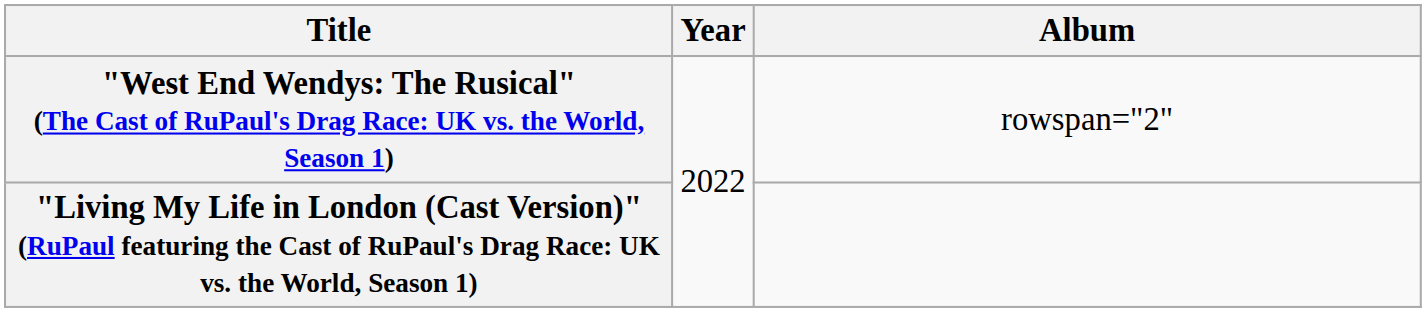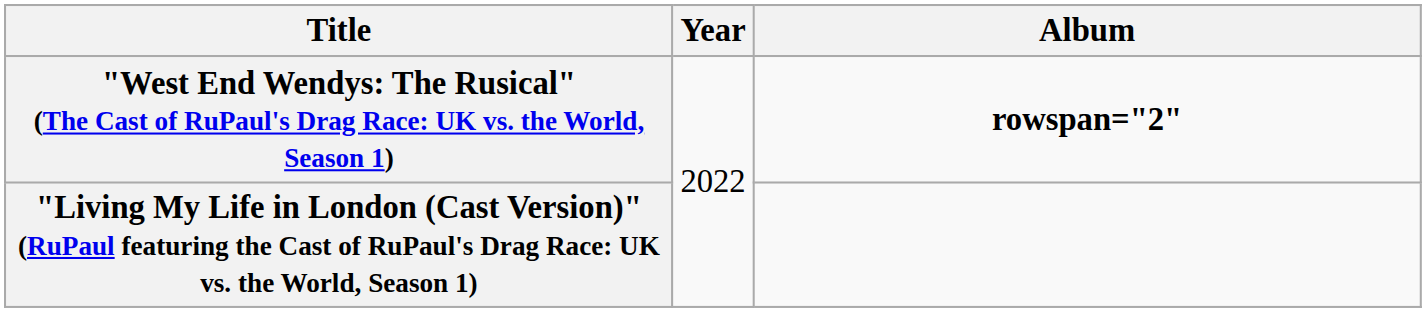 <table class="wikitable plainrowheaders" style="text-align:center;">
 <tr>
 <th style="width:20em;">Title</th>
 <th style="width:1em;">Year</th>
 <th style="width:20em;">Album</th>
 </tr>
 <tr>
 <th scope="row">"West End Wendys: The Rusical"<br><small>(<a href='#'>The Cast of RuPaul's Drag Race: UK vs. the World, Season 1</a>)</small></th>
 <td rowspan="2">2022</td>
-<td>rowspan="2" </td>
+<td><strong>rowspan="2" </strong></td>
 </tr>
 <tr>
 <th scope="row">"Living My Life in London (Cast Version)"<br><small>(<a href='#'>RuPaul</a> featuring the Cast of RuPaul's Drag Race: UK vs. the World, Season 1)</small></th>
 </tr>
 </table>
